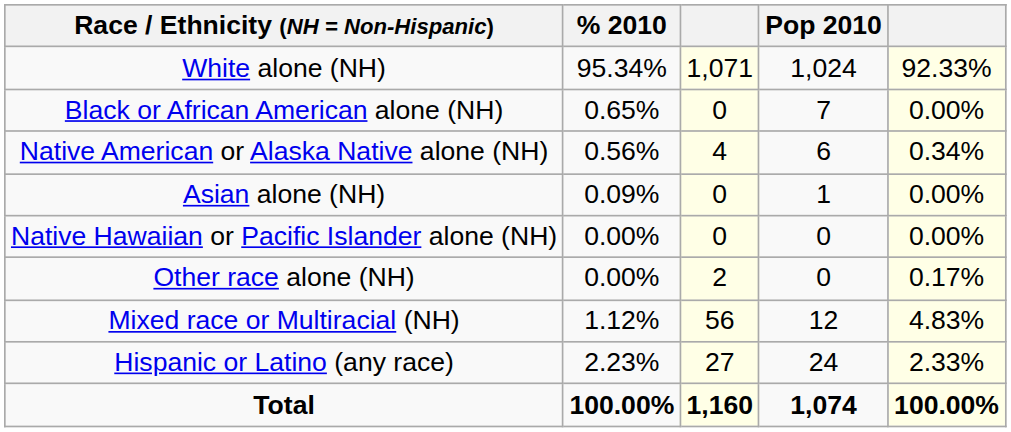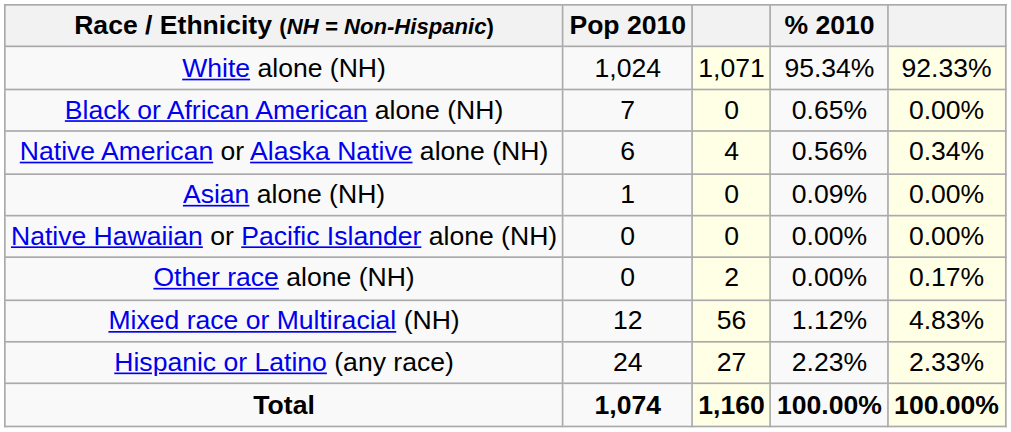 <table class="wikitable" style="text-align:center;">
 <tr>
 <th>Race / Ethnicity <small>(<em>NH = Non-Hispanic</em>)</small></th>
+<th>Pop 2010</th>
+<th></th>
 <th>% 2010</th>
-<th></th>
-<th>Pop 2010</th>
 <th></th>
 </tr>
 <tr>
 <td><a href='#'>White</a> alone (NH)</td>
+<td>1,024</td>
+<td style='background: #ffffe6;'>1,071</td>
 <td>95.34%</td>
-<td style='background: #ffffe6;'>1,071</td>
-<td>1,024</td>
 <td style='background: #ffffe6;'>92.33%</td>
 </tr>
 <tr>
 <td><a href='#'>Black or African American</a> alone (NH)</td>
+<td>7</td>
+<td style='background: #ffffe6;'>0</td>
 <td>0.65%</td>
-<td style='background: #ffffe6;'>0</td>
-<td>7</td>
 <td style='background: #ffffe6;'>0.00%</td>
 </tr>
 <tr>
 <td><a href='#'>Native American</a> or <a href='#'>Alaska Native</a> alone (NH)</td>
+<td>6</td>
+<td style='background: #ffffe6;'>4</td>
 <td>0.56%</td>
-<td style='background: #ffffe6;'>4</td>
-<td>6</td>
 <td style='background: #ffffe6;'>0.34%</td>
 </tr>
 <tr>
 <td><a href='#'>Asian</a> alone (NH)</td>
+<td>1</td>
+<td style='background: #ffffe6;'>0</td>
 <td>0.09%</td>
-<td style='background: #ffffe6;'>0</td>
-<td>1</td>
 <td style='background: #ffffe6;'>0.00%</td>
 </tr>
 <tr>
 <td><a href='#'>Native Hawaiian</a> or <a href='#'>Pacific Islander</a> alone (NH)</td>
+<td>0</td>
+<td style='background: #ffffe6;'>0</td>
 <td>0.00%</td>
-<td style='background: #ffffe6;'>0</td>
-<td>0</td>
 <td style='background: #ffffe6;'>0.00%</td>
 </tr>
 <tr>
 <td><a href='#'>Other race</a> alone (NH)</td>
+<td>0</td>
+<td style='background: #ffffe6;'>2</td>
 <td>0.00%</td>
-<td style='background: #ffffe6;'>2</td>
-<td>0</td>
 <td style='background: #ffffe6;'>0.17%</td>
 </tr>
 <tr>
 <td><a href='#'>Mixed race or Multiracial</a> (NH)</td>
+<td>12</td>
+<td style='background: #ffffe6;'>56</td>
 <td>1.12%</td>
-<td style='background: #ffffe6;'>56</td>
-<td>12</td>
 <td style='background: #ffffe6;'>4.83%</td>
 </tr>
 <tr>
 <td><a href='#'>Hispanic or Latino</a> (any race)</td>
+<td>24</td>
+<td style='background: #ffffe6;'>27</td>
 <td>2.23%</td>
-<td style='background: #ffffe6;'>27</td>
-<td>24</td>
 <td style='background: #ffffe6;'>2.33%</td>
 </tr>
 <tr>
 <td><strong>Total</strong></td>
+<td><strong>1,074</strong></td>
+<td style='background: #ffffe6;'><strong>1,160</strong></td>
 <td><strong>100.00%</strong></td>
-<td style='background: #ffffe6;'><strong>1,160</strong></td>
-<td><strong>1,074</strong></td>
 <td style='background: #ffffe6;'><strong>100.00%</strong></td>
 </tr>
 </table>
